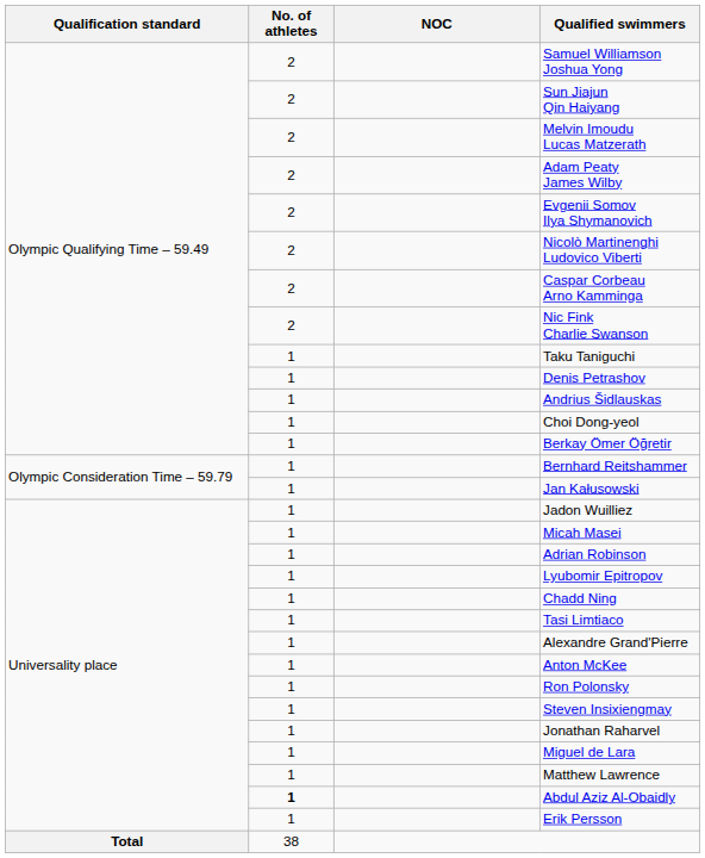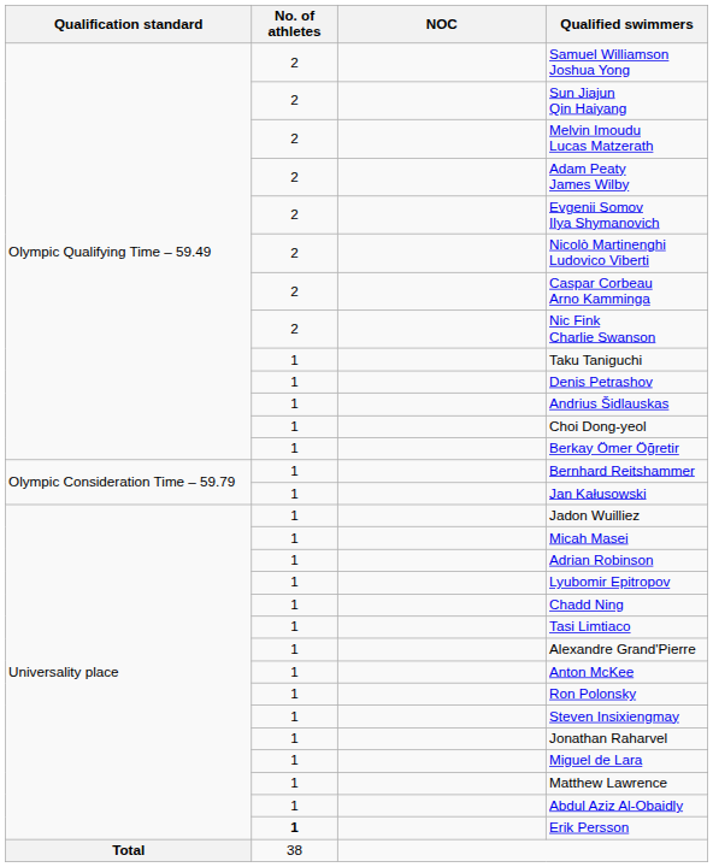 <table class=wikitable style="text-align:left" width=800>
 <tr>
 <th scope="col">Qualification standard</th>
 <th scope="col" width =90>No. of athletes</th>
 <th scope="col" width =230>NOC</th>
 <th scope="col">Qualified swimmers</th>
 </tr>
 <tr>
 <td rowspan=13>Olympic Qualifying Time – 59.49</td>
 <td align=center>2</td>
 <td></td>
 <td><a href='#'>Samuel Williamson</a><br><a href='#'>Joshua Yong</a></td>
 </tr>
 <tr>
 <td align=center>2</td>
 <td></td>
 <td><a href='#'>Sun Jiajun</a><br><a href='#'>Qin Haiyang</a></td>
 </tr>
 <tr>
 <td align=center>2</td>
 <td></td>
 <td><a href='#'>Melvin Imoudu</a><br><a href='#'>Lucas Matzerath</a></td>
 </tr>
 <tr>
 <td align=center>2</td>
 <td></td>
 <td><a href='#'>Adam Peaty</a><br><a href='#'>James Wilby</a></td>
 </tr>
 <tr>
 <td align=center>2</td>
 <td></td>
 <td><a href='#'>Evgenii Somov</a><br><a href='#'>Ilya Shymanovich</a></td>
 </tr>
 <tr>
 <td align=center>2</td>
 <td></td>
 <td><a href='#'>Nicolò Martinenghi</a><br><a href='#'>Ludovico Viberti</a></td>
 </tr>
 <tr>
 <td align=center>2</td>
 <td></td>
 <td><a href='#'>Caspar Corbeau</a><br><a href='#'>Arno Kamminga</a></td>
 </tr>
 <tr>
 <td align=center>2</td>
 <td></td>
 <td><a href='#'>Nic Fink</a><br><a href='#'>Charlie Swanson</a></td>
 </tr>
 <tr>
 <td align=center>1</td>
 <td></td>
 <td>Taku Taniguchi</td>
 </tr>
 <tr>
 <td align=center>1</td>
 <td></td>
 <td><a href='#'>Denis Petrashov</a></td>
 </tr>
 <tr>
 <td align=center>1</td>
 <td></td>
 <td><a href='#'>Andrius Šidlauskas</a></td>
 </tr>
 <tr>
 <td align=center>1</td>
 <td></td>
 <td>Choi Dong-yeol</td>
 </tr>
 <tr>
 <td align=center>1</td>
 <td></td>
 <td><a href='#'>Berkay Ömer Öğretir</a></td>
 </tr>
 <tr>
 <td rowspan=2>Olympic Consideration Time – 59.79</td>
 <td align=center>1</td>
 <td></td>
 <td><a href='#'>Bernhard Reitshammer</a></td>
 </tr>
 <tr>
 <td align=center>1</td>
 <td></td>
 <td><a href='#'>Jan Kałusowski</a></td>
 </tr>
 <tr>
 <td rowspan=15>Universality place</td>
 <td align=center>1</td>
 <td></td>
 <td>Jadon Wuilliez</td>
 </tr>
 <tr>
 <td align=center>1</td>
 <td></td>
 <td><a href='#'>Micah Masei</a></td>
 </tr>
 <tr>
 <td align=center>1</td>
 <td></td>
 <td><a href='#'>Adrian Robinson</a></td>
 </tr>
 <tr>
 <td align=center>1</td>
 <td></td>
 <td><a href='#'>Lyubomir Epitropov</a></td>
 </tr>
 <tr>
 <td align=center>1</td>
 <td></td>
 <td><a href='#'>Chadd Ning</a></td>
 </tr>
 <tr>
 <td align=center>1</td>
 <td></td>
 <td><a href='#'>Tasi Limtiaco</a></td>
 </tr>
 <tr>
 <td align=center>1</td>
 <td></td>
 <td>Alexandre Grand'Pierre</td>
 </tr>
 <tr>
 <td align=center>1</td>
 <td></td>
 <td><a href='#'>Anton McKee</a></td>
 </tr>
 <tr>
 <td align=center>1</td>
 <td></td>
 <td><a href='#'>Ron Polonsky</a></td>
 </tr>
 <tr>
 <td align=center>1</td>
 <td></td>
 <td><a href='#'>Steven Insixiengmay</a></td>
 </tr>
 <tr>
 <td align=center>1</td>
 <td></td>
 <td>Jonathan Raharvel</td>
 </tr>
 <tr>
 <td align=center>1</td>
 <td></td>
 <td><a href='#'>Miguel de Lara</a></td>
 </tr>
 <tr>
 <td align=center>1</td>
 <td></td>
 <td>Matthew Lawrence</td>
 </tr>
 <tr>
-<td align=center><strong>1</strong></td>
+<td align=center>1</td>
 <td></td>
 <td><a href='#'>Abdul Aziz Al-Obaidly</a></td>
 </tr>
 <tr>
-<td align=center>1</td>
+<td align=center><strong>1</strong></td>
 <td></td>
 <td><a href='#'>Erik Persson</a></td>
 </tr>
 <tr>
 <th scope="row">Total</th>
 <td align=center>38</td>
 <td colspan=2></td>
 </tr>
 </table>
